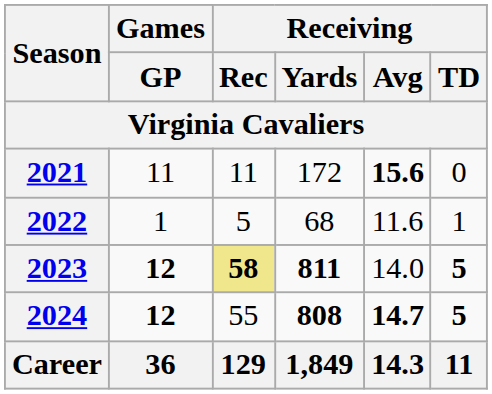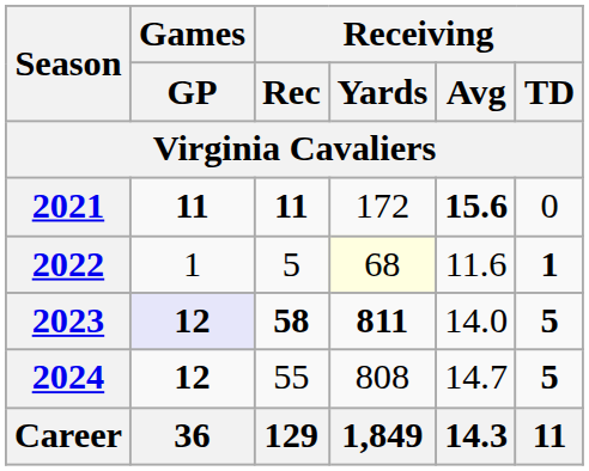 <table class="wikitable" style="text-align:center;">
 <tr>
 <th rowspan="2">Season</th>
 <th>Games</th>
 <th colspan="4">Receiving</th>
 </tr>
 <tr>
 <th>GP</th>
 <th>Rec</th>
 <th>Yards</th>
 <th>Avg</th>
 <th>TD</th>
 </tr>
 <tr>
 <th colspan="11">Virginia Cavaliers</th>
 </tr>
 <tr>
 <th><a href='#'>2021</a></th>
-<td>11</td>
-<td>11</td>
+<td><strong>11</strong></td>
+<td><strong>11</strong></td>
 <td>172</td>
 <td><strong>15.6</strong></td>
 <td>0</td>
 </tr>
 <tr>
 <th><a href='#'>2022</a></th>
 <td>1</td>
 <td>5</td>
-<td>68</td>
+<td style="background: lightyellow;">68</td>
 <td>11.6</td>
-<td>1</td>
+<td><strong>1</strong></td>
 </tr>
 <tr>
 <th><a href='#'>2023</a></th>
-<td><strong>12</strong></td>
-<td style="background: khaki;"><strong>58</strong></td>
+<td style="background: lavender;"><strong>12</strong></td>
+<td><strong>58</strong></td>
 <td><strong>811</strong></td>
 <td>14.0</td>
 <td><strong>5</strong></td>
 </tr>
 <tr>
 <th><a href='#'>2024</a></th>
 <td><strong>12</strong></td>
 <td>55</td>
-<td><strong>808</strong></td>
-<td><strong>14.7</strong></td>
+<td>808</td>
+<td>14.7</td>
 <td><strong>5</strong></td>
 </tr>
 <tr>
 <th>Career</th>
 <th>36</th>
 <th>129</th>
 <th>1,849</th>
 <th>14.3</th>
 <th>11</th>
 </tr>
 </table>
